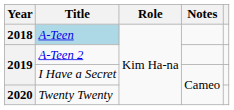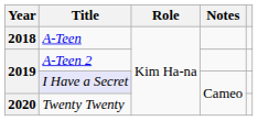 <table class="wikitable plainrowheaders">
 <tr>
 <th scope="col">Year</th>
 <th scope="col">Title</th>
 <th scope="col">Role</th>
 <th scope="col">Notes</th>
 <th scope="col"></th>
 </tr>
 <tr>
 <th scope="row">2018</th>
-<td style="background: lightblue;"><em><a href='#'>A-Teen</a></em></td>
+<td><em><a href='#'>A-Teen</a></em></td>
 <td rowspan="4">Kim Ha-na</td>
 <td></td>
 <td style="text-align:center"></td>
 </tr>
 <tr>
 <th scope="row" rowspan="2">2019</th>
 <td><em><a href='#'>A-Teen 2</a></em></td>
 <td></td>
 <td style="text-align:center"></td>
 </tr>
 <tr>
-<td><em>I Have a Secret</em></td>
+<td style="background: lavender;"><em>I Have a Secret</em></td>
 <td rowspan="2">Cameo</td>
 <td style="text-align:center"></td>
 </tr>
 <tr>
 <th scope="row">2020</th>
 <td><em>Twenty Twenty</em></td>
 <td style="text-align:center"></td>
 </tr>
 </table>
